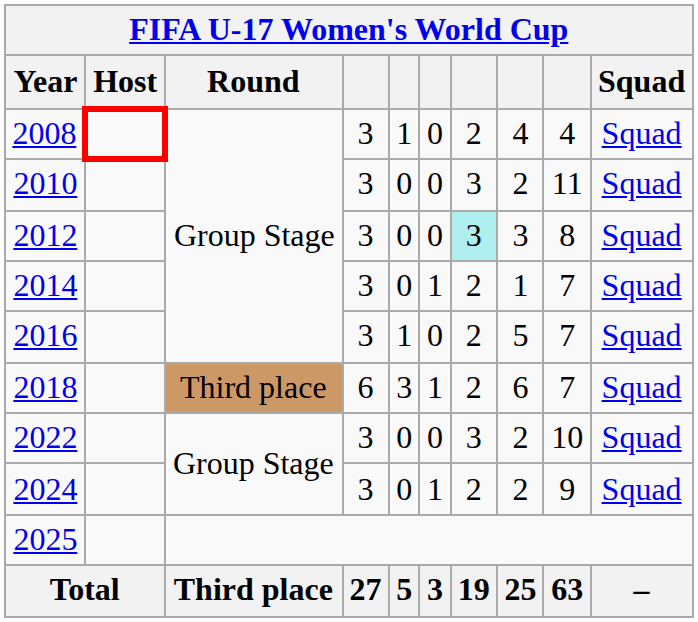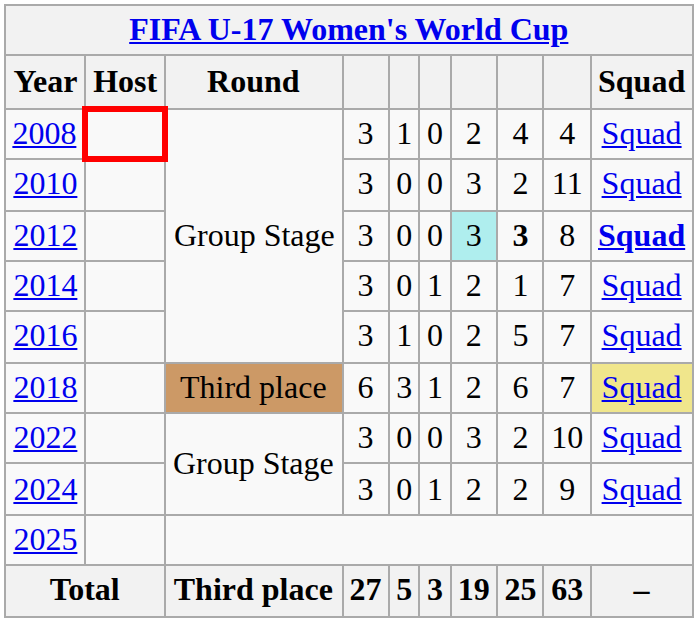 <table class="wikitable" style="text-align: center;">
 <tr>
 <th colspan=10><a href='#'>FIFA U-17 Women's World Cup</a></th>
 </tr>
 <tr>
 <th>Year</th>
 <th>Host</th>
 <th>Round</th>
 <th></th>
 <th></th>
 <th></th>
 <th></th>
 <th></th>
 <th></th>
 <th>Squad</th>
 </tr>
 <tr>
 <td><a href='#'>2008</a></td>
 <td align=left style="border: 3px solid red"></td>
 <td rowspan=5>Group Stage</td>
 <td>3</td>
 <td>1</td>
 <td>0</td>
 <td>2</td>
 <td>4</td>
 <td>4</td>
 <td><a href='#'>Squad</a></td>
 </tr>
 <tr>
 <td><a href='#'>2010</a></td>
 <td align=left></td>
 <td>3</td>
 <td>0</td>
 <td>0</td>
 <td>3</td>
 <td>2</td>
 <td>11</td>
 <td><a href='#'>Squad</a></td>
 </tr>
 <tr>
 <td><a href='#'>2012</a></td>
 <td align=left></td>
 <td>3</td>
 <td>0</td>
 <td>0</td>
 <td style="background: paleturquoise;">3</td>
-<td>3</td>
+<td><strong>3</strong></td>
 <td>8</td>
-<td><a href='#'>Squad</a></td>
+<td><strong><a href='#'>Squad</a></strong></td>
 </tr>
 <tr>
 <td><a href='#'>2014</a></td>
 <td align=left></td>
 <td>3</td>
 <td>0</td>
 <td>1</td>
 <td>2</td>
 <td>1</td>
 <td>7</td>
 <td><a href='#'>Squad</a></td>
 </tr>
 <tr>
 <td><a href='#'>2016</a></td>
 <td align=left></td>
 <td>3</td>
 <td>1</td>
 <td>0</td>
 <td>2</td>
 <td>5</td>
 <td>7</td>
 <td><a href='#'>Squad</a></td>
 </tr>
 <tr>
 <td><a href='#'>2018</a></td>
 <td align=left></td>
 <td bgcolor=#c96>Third place</td>
 <td>6</td>
 <td>3</td>
 <td>1</td>
 <td>2</td>
 <td>6</td>
 <td>7</td>
-<td><a href='#'>Squad</a></td>
+<td style="background: khaki;"><a href='#'>Squad</a></td>
 </tr>
 <tr>
 <td><a href='#'>2022</a></td>
 <td align=left></td>
 <td rowspan=2>Group Stage</td>
 <td>3</td>
 <td>0</td>
 <td>0</td>
 <td>3</td>
 <td>2</td>
 <td>10</td>
 <td><a href='#'>Squad</a></td>
 </tr>
 <tr>
 <td><a href='#'>2024</a></td>
 <td align=left></td>
 <td>3</td>
 <td>0</td>
 <td>1</td>
 <td>2</td>
 <td>2</td>
 <td>9</td>
 <td><a href='#'>Squad</a></td>
 </tr>
 <tr>
 <td><a href='#'>2025</a></td>
 <td align=left></td>
 </tr>
 <tr>
 <th colspan="2">Total</th>
 <th>Third place</th>
 <th>27</th>
 <th>5</th>
 <th>3</th>
 <th>19</th>
 <th>25</th>
 <th>63</th>
 <th>–</th>
 </tr>
 <tr>
 </tr>
 </table>
